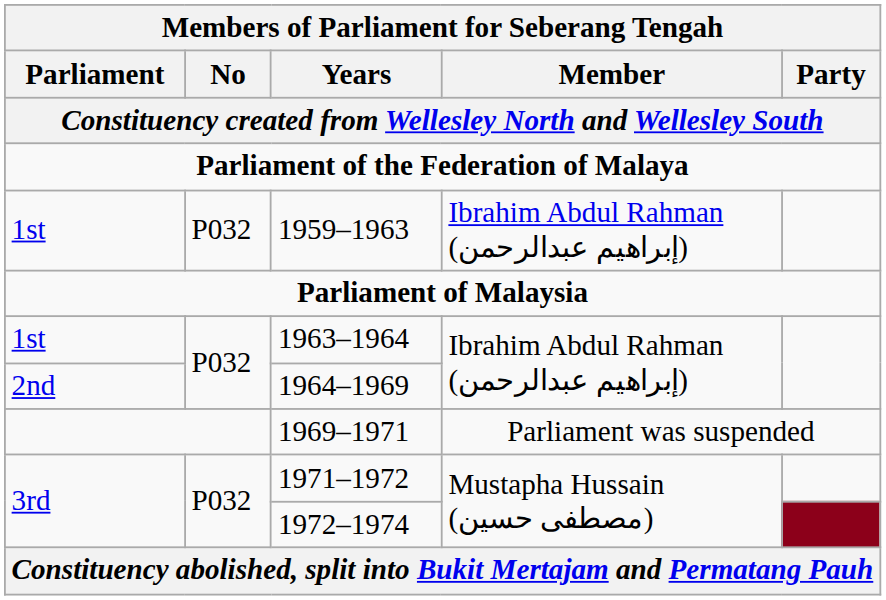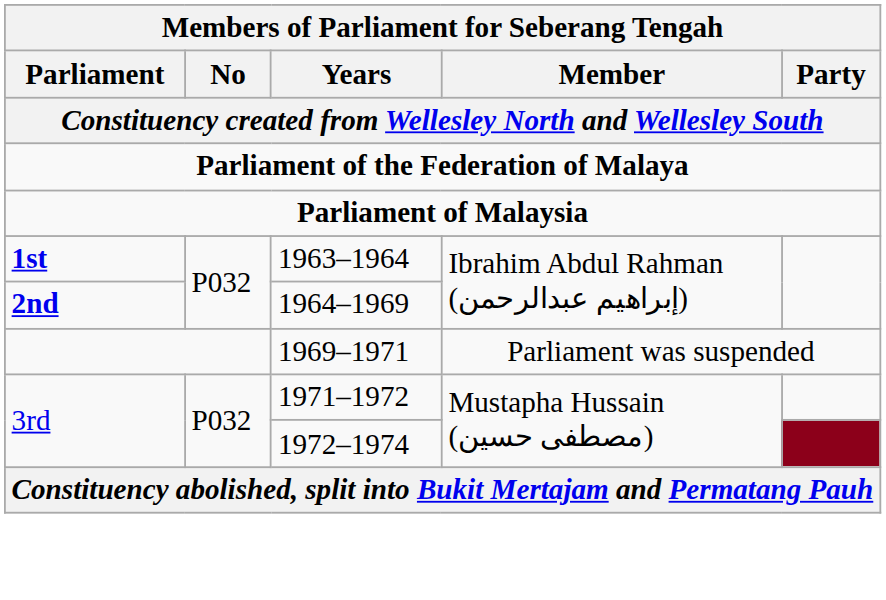 <table class=wikitable>
 <tr>
 <th colspan="5">Members of Parliament for Seberang Tengah</th>
 </tr>
 <tr>
 <th>Parliament</th>
 <th>No</th>
 <th>Years</th>
 <th>Member</th>
 <th>Party</th>
 </tr>
 <tr>
 <th colspan="5" align="center"><em>Constituency created from <a href='#'>Wellesley North</a> and <a href='#'>Wellesley South</a></em></th>
 </tr>
 <tr>
 <td colspan="5" align="center"><strong>Parliament of the Federation of Malaya</strong></td>
 </tr>
 <tr>
-<td><a href='#'>1st</a></td>
-<td>P032</td>
-<td>1959–1963</td>
-<td><a href='#'>Ibrahim Abdul Rahman</a> <br> (إبراهيم عبدالرحمن)</td>
-<td></td>
-</tr>
-<tr>
 <td colspan="5" align="center"><strong>Parliament of Malaysia</strong></td>
 </tr>
 <tr>
-<td><a href='#'>1st</a></td>
+<td><strong><a href='#'>1st</a></strong></td>
 <td rowspan="2">P032</td>
 <td>1963–1964</td>
 <td rowspan="2">Ibrahim Abdul Rahman <br> (إبراهيم عبدالرحمن)</td>
 <td rowspan=2></td>
 </tr>
 <tr>
-<td><a href='#'>2nd</a></td>
+<td><strong><a href='#'>2nd</a></strong></td>
 <td>1964–1969</td>
 </tr>
 <tr>
 <td colspan="2"></td>
 <td>1969–1971</td>
 <td colspan="2" align="center">Parliament was suspended</td>
 </tr>
 <tr>
 <td rowspan=2><a href='#'>3rd</a></td>
 <td rowspan="2">P032</td>
 <td>1971–1972</td>
 <td rowspan="2">Mustapha Hussain <br> (مصطفى حسين)</td>
 <td></td>
 </tr>
 <tr>
 <td>1972–1974</td>
 <td bgcolor="#8C001A"></td>
 </tr>
 <tr>
 <th colspan="5" align="center"><em>Constituency abolished, split into <a href='#'>Bukit Mertajam</a> and <a href='#'>Permatang Pauh</a></em></th>
 </tr>
 </table>
